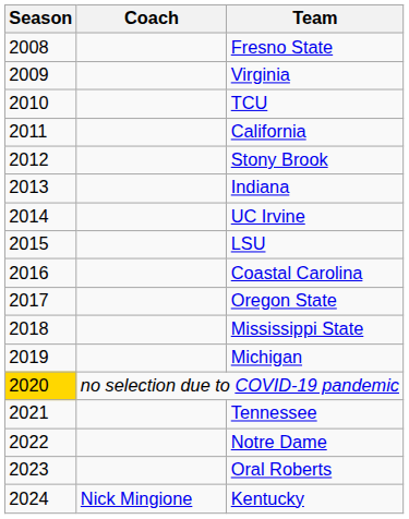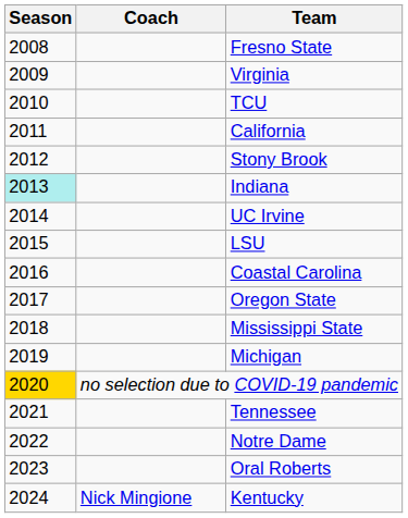 <table class="wikitable sortable">
 <tr>
 <th>Season</th>
 <th>Coach</th>
 <th>Team</th>
 </tr>
 <tr>
 <td>2008</td>
 <td></td>
 <td><a href='#'>Fresno State</a></td>
 </tr>
 <tr>
 <td>2009</td>
 <td></td>
 <td><a href='#'>Virginia</a></td>
 </tr>
 <tr>
 <td>2010</td>
 <td></td>
 <td><a href='#'>TCU</a></td>
 </tr>
 <tr>
 <td>2011</td>
 <td></td>
 <td><a href='#'>California</a></td>
 </tr>
 <tr>
 <td>2012</td>
 <td></td>
 <td><a href='#'>Stony Brook</a></td>
 </tr>
 <tr>
-<td>2013</td>
+<td style="background: paleturquoise;">2013</td>
 <td></td>
 <td><a href='#'>Indiana</a></td>
 </tr>
 <tr>
 <td>2014</td>
 <td></td>
 <td><a href='#'>UC Irvine</a></td>
 </tr>
 <tr>
 <td>2015</td>
 <td></td>
 <td><a href='#'>LSU</a></td>
 </tr>
 <tr>
 <td>2016</td>
 <td></td>
 <td><a href='#'>Coastal Carolina</a></td>
 </tr>
 <tr>
 <td>2017</td>
 <td></td>
 <td><a href='#'>Oregon State</a></td>
 </tr>
 <tr>
 <td>2018</td>
 <td></td>
 <td><a href='#'>Mississippi State</a></td>
 </tr>
 <tr>
 <td>2019</td>
 <td></td>
 <td><a href='#'>Michigan</a></td>
 </tr>
 <tr>
 <td style="background: gold;">2020</td>
 <td colspan="2"><em>no selection due to <a href='#'>COVID-19 pandemic</a></em></td>
 </tr>
 <tr>
 <td>2021</td>
 <td></td>
 <td><a href='#'>Tennessee</a></td>
 </tr>
 <tr>
 <td>2022</td>
 <td></td>
 <td><a href='#'>Notre Dame</a></td>
 </tr>
 <tr>
 <td>2023</td>
 <td></td>
 <td><a href='#'>Oral Roberts</a></td>
 </tr>
 <tr>
 <td>2024</td>
 <td><a href='#'>Nick Mingione</a></td>
 <td><a href='#'>Kentucky</a></td>
 </tr>
 </table>
